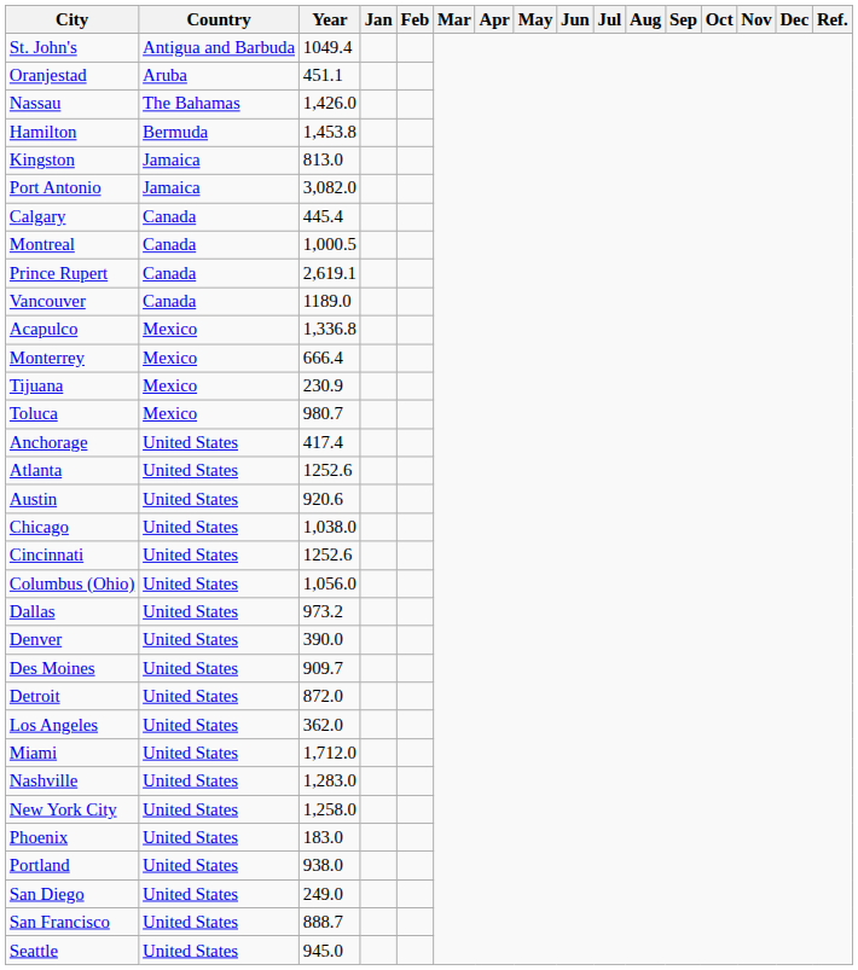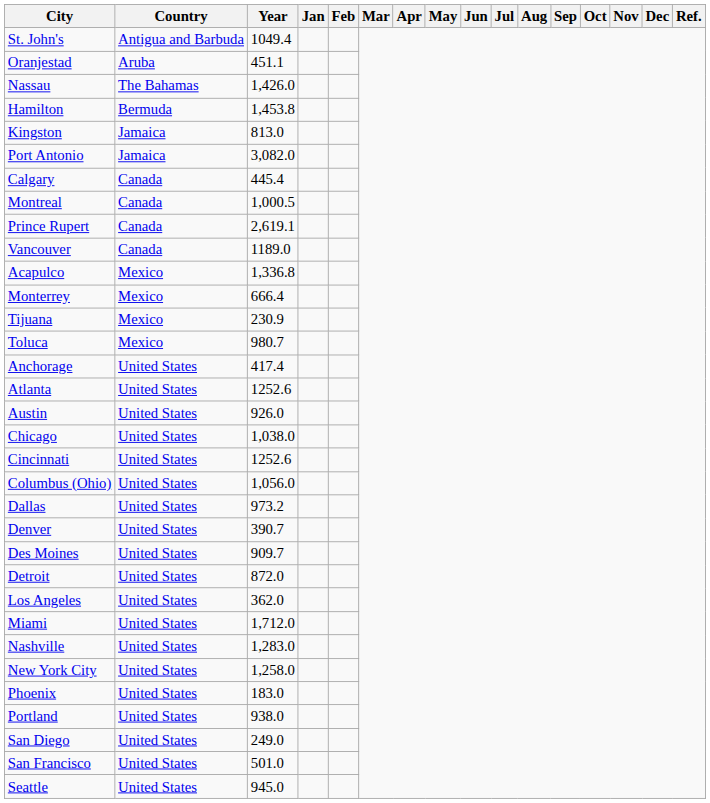 <table class="wikitable sortable sticky-header sort-under col1left col2left col16center" >
 <tr style="vertical-align:top">
 <th>City</th>
 <th>Country</th>
 <th>Year</th>
 <th>Jan</th>
 <th>Feb</th>
 <th>Mar</th>
 <th>Apr</th>
 <th>May</th>
 <th>Jun</th>
 <th>Jul</th>
 <th>Aug</th>
 <th>Sep</th>
 <th>Oct</th>
 <th>Nov</th>
 <th>Dec</th>
 <th>Ref.</th>
 </tr>
 <tr>
 <td><a href='#'>St. John's</a></td>
 <td><a href='#'>Antigua and Barbuda</a></td>
 <td>1049.4</td>
 <td></td>
 <td></td>
 </tr>
 <tr>
 <td><a href='#'>Oranjestad</a></td>
 <td><a href='#'>Aruba</a></td>
 <td>451.1</td>
 <td></td>
 <td></td>
 </tr>
 <tr>
 <td><a href='#'>Nassau</a></td>
 <td><a href='#'>The Bahamas</a></td>
 <td>1,426.0</td>
 <td></td>
 <td></td>
 </tr>
 <tr>
 <td><a href='#'>Hamilton</a></td>
 <td><a href='#'>Bermuda</a></td>
 <td>1,453.8</td>
 <td></td>
 <td></td>
 </tr>
 <tr>
 <td><a href='#'>Kingston</a></td>
 <td><a href='#'>Jamaica</a></td>
 <td>813.0</td>
 <td></td>
 <td></td>
 </tr>
 <tr>
 <td><a href='#'>Port Antonio</a></td>
 <td><a href='#'>Jamaica</a></td>
 <td>3,082.0</td>
 <td></td>
 <td></td>
 </tr>
 <tr>
 <td><a href='#'>Calgary</a></td>
 <td><a href='#'>Canada</a></td>
 <td>445.4</td>
 <td></td>
 <td></td>
 </tr>
 <tr>
 <td><a href='#'>Montreal</a></td>
 <td><a href='#'>Canada</a></td>
 <td>1,000.5</td>
 <td></td>
 <td></td>
 </tr>
 <tr>
 <td><a href='#'>Prince Rupert</a></td>
 <td><a href='#'>Canada</a></td>
 <td>2,619.1</td>
 <td></td>
 <td></td>
 </tr>
 <tr>
 <td><a href='#'>Vancouver</a></td>
 <td><a href='#'>Canada</a></td>
 <td>1189.0</td>
 <td></td>
 <td></td>
 </tr>
 <tr>
 <td><a href='#'>Acapulco</a></td>
 <td><a href='#'>Mexico</a></td>
 <td>1,336.8</td>
 <td></td>
 <td></td>
 </tr>
 <tr>
 <td><a href='#'>Monterrey</a></td>
 <td><a href='#'>Mexico</a></td>
 <td>666.4</td>
 <td></td>
 <td></td>
 </tr>
 <tr>
 <td><a href='#'>Tijuana</a></td>
 <td><a href='#'>Mexico</a></td>
 <td>230.9</td>
 <td></td>
 <td></td>
 </tr>
 <tr>
 <td><a href='#'>Toluca</a></td>
 <td><a href='#'>Mexico</a></td>
 <td>980.7</td>
 <td></td>
 <td></td>
 </tr>
 <tr>
 <td><a href='#'>Anchorage</a></td>
 <td><a href='#'>United States</a></td>
 <td>417.4</td>
 <td></td>
 <td></td>
 </tr>
 <tr>
 <td><a href='#'>Atlanta</a></td>
 <td><a href='#'>United States</a></td>
 <td>1252.6</td>
 <td></td>
 <td></td>
 </tr>
 <tr>
 <td><a href='#'>Austin</a></td>
 <td><a href='#'>United States</a></td>
-<td>920.6</td>
+<td>926.0</td>
 <td></td>
 <td></td>
 </tr>
 <tr>
 <td><a href='#'>Chicago</a></td>
 <td><a href='#'>United States</a></td>
 <td>1,038.0</td>
 <td></td>
 <td></td>
 </tr>
 <tr>
 <td><a href='#'>Cincinnati</a></td>
 <td><a href='#'>United States</a></td>
 <td>1252.6</td>
 <td></td>
 <td></td>
 </tr>
 <tr>
 <td><a href='#'>Columbus (Ohio)</a></td>
 <td><a href='#'>United States</a></td>
 <td>1,056.0</td>
 <td></td>
 <td></td>
 </tr>
 <tr>
 <td><a href='#'>Dallas</a></td>
 <td><a href='#'>United States</a></td>
 <td>973.2</td>
 <td></td>
 <td></td>
 </tr>
 <tr>
 <td><a href='#'>Denver</a></td>
 <td><a href='#'>United States</a></td>
-<td>390.0</td>
+<td>390.7</td>
 <td></td>
 <td></td>
 </tr>
 <tr>
 <td><a href='#'>Des Moines</a></td>
 <td><a href='#'>United States</a></td>
 <td>909.7</td>
 <td></td>
 <td></td>
 </tr>
 <tr>
 <td><a href='#'>Detroit</a></td>
 <td><a href='#'>United States</a></td>
 <td>872.0</td>
 <td></td>
 <td></td>
 </tr>
 <tr>
 <td><a href='#'>Los Angeles</a></td>
 <td><a href='#'>United States</a></td>
 <td>362.0</td>
 <td></td>
 <td></td>
 </tr>
 <tr>
 <td><a href='#'>Miami</a></td>
 <td><a href='#'>United States</a></td>
 <td>1,712.0</td>
 <td></td>
 <td></td>
 </tr>
 <tr>
 <td><a href='#'>Nashville</a></td>
 <td><a href='#'>United States</a></td>
 <td>1,283.0</td>
 <td></td>
 <td></td>
 </tr>
 <tr>
 <td><a href='#'>New York City</a></td>
 <td><a href='#'>United States</a></td>
 <td>1,258.0</td>
 <td></td>
 <td></td>
 </tr>
 <tr>
 <td><a href='#'>Phoenix</a></td>
 <td><a href='#'>United States</a></td>
 <td>183.0</td>
 <td></td>
 <td></td>
 </tr>
 <tr>
 <td><a href='#'>Portland</a></td>
 <td><a href='#'>United States</a></td>
 <td>938.0</td>
 <td></td>
 <td></td>
 </tr>
 <tr>
 <td><a href='#'>San Diego</a></td>
 <td><a href='#'>United States</a></td>
 <td>249.0</td>
 <td></td>
 <td></td>
 </tr>
 <tr>
 <td><a href='#'>San Francisco</a></td>
 <td><a href='#'>United States</a></td>
-<td>888.7</td>
+<td>501.0</td>
 <td></td>
 <td></td>
 </tr>
 <tr>
 <td><a href='#'>Seattle</a></td>
 <td><a href='#'>United States</a></td>
 <td>945.0</td>
 <td></td>
 <td></td>
 </tr>
 </table>
